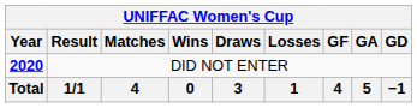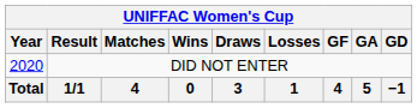 <table class="wikitable" style="text-align: center;">
 <tr>
 <th colspan=9><strong><a href='#'>UNIFFAC Women's Cup</a> </strong></th>
 </tr>
 <tr>
 <th>Year</th>
 <th>Result</th>
 <th>Matches</th>
 <th>Wins</th>
 <th>Draws</th>
 <th>Losses</th>
 <th>GF</th>
 <th>GA</th>
 <th>GD</th>
 </tr>
 <tr>
-<td><strong><a href='#'>2020</a></strong></td>
+<td><a href='#'>2020</a></td>
 <td colspan=8>DID NOT ENTER</td>
 </tr>
 <tr>
 <th>Total</th>
 <th>1/1</th>
 <th>4</th>
 <th>0</th>
 <th>3</th>
 <th>1</th>
 <th>4</th>
 <th>5</th>
 <th>−1</th>
 </tr>
 </table>
